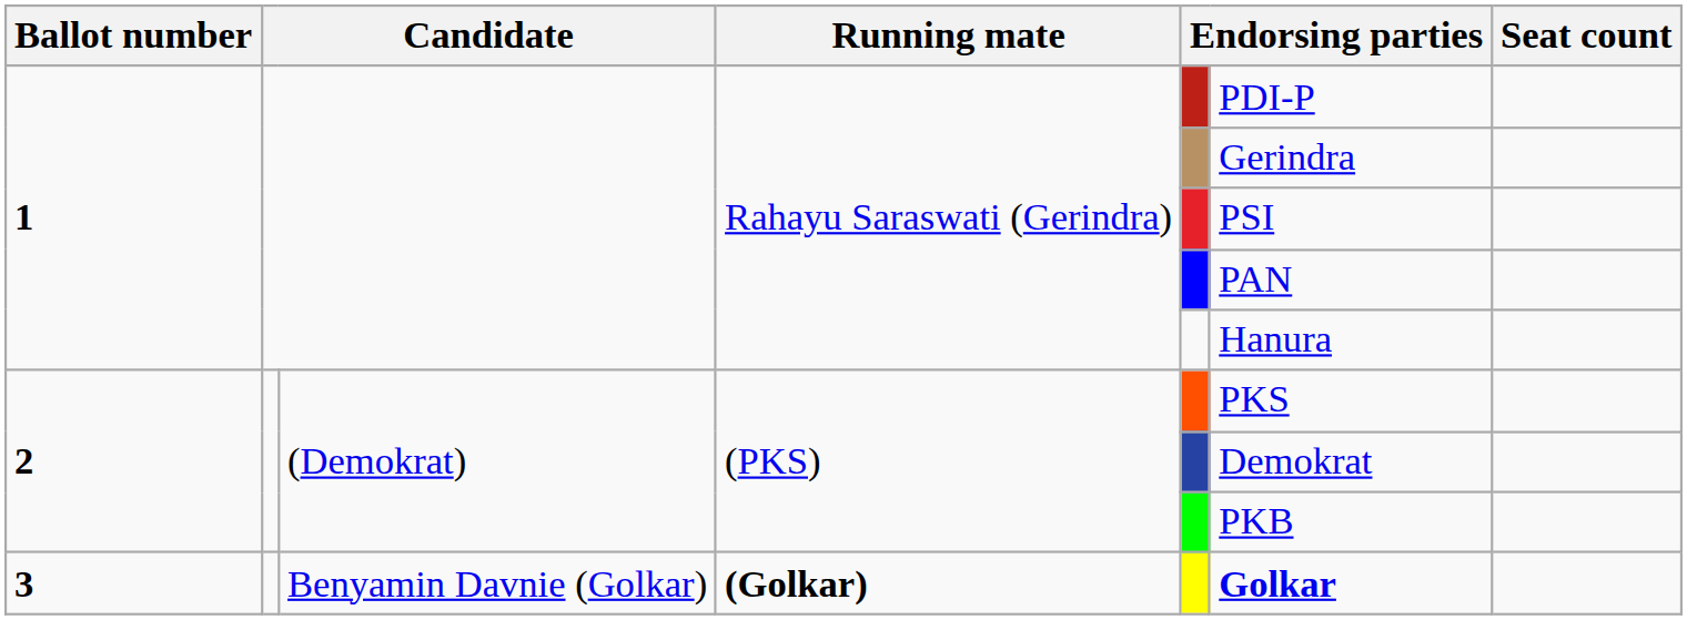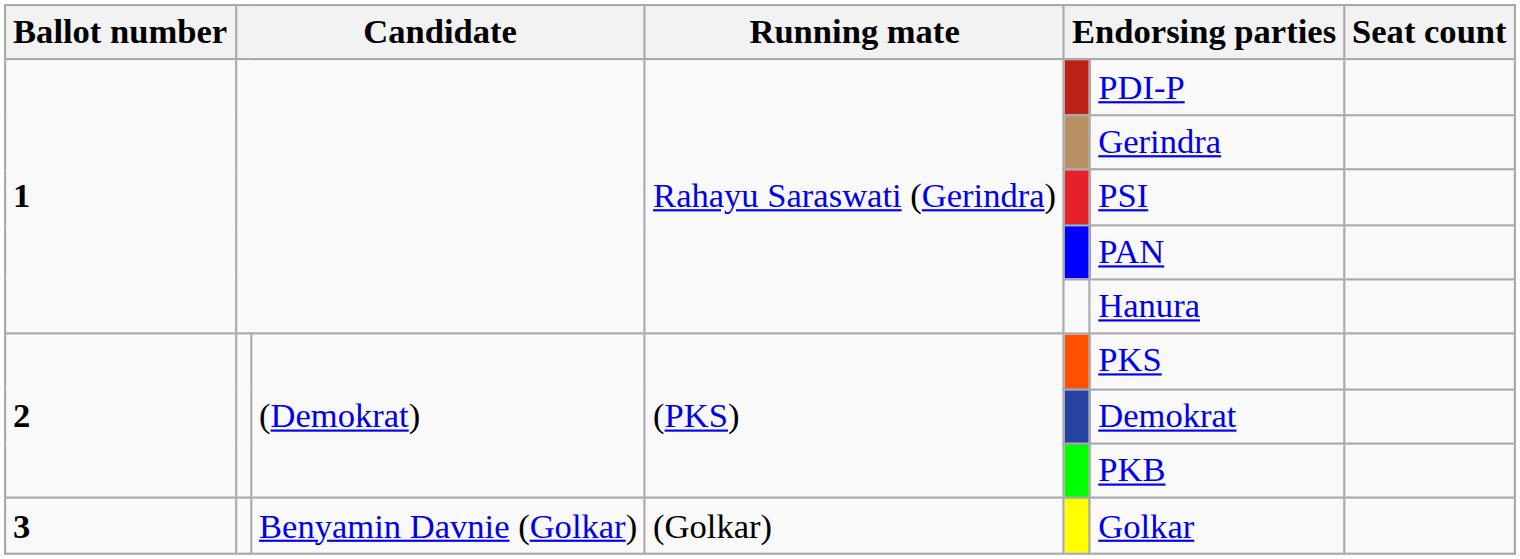 <table class="wikitable">
 <tr>
 <th>Ballot number</th>
 <th colspan="2">Candidate</th>
 <th>Running mate</th>
 <th colspan="2">Endorsing parties</th>
 <th>Seat count</th>
 </tr>
 <tr>
 <td rowspan=5><strong>1</strong></td>
 <td rowspan=5 colspan=2></td>
 <td rowspan=5><a href='#'>Rahayu Saraswati</a> (<a href='#'>Gerindra</a>)</td>
 <td bgcolor=#BD2016></td>
 <td><a href='#'>PDI-P</a></td>
 <td></td>
 </tr>
 <tr>
 <td bgcolor=#B79164></td>
 <td><a href='#'>Gerindra</a></td>
 <td></td>
 </tr>
 <tr>
 <td bgcolor=#E6212A></td>
 <td><a href='#'>PSI</a></td>
 <td></td>
 </tr>
 <tr>
 <td bgcolor=#0000FF></td>
 <td><a href='#'>PAN</a></td>
 <td></td>
 </tr>
 <tr>
 <td bgcolor=></td>
 <td><a href='#'>Hanura</a></td>
 <td></td>
 </tr>
 <tr>
 <td rowspan=3><strong>2</strong></td>
 <td rowspan=3 bgcolor=></td>
 <td rowspan=3> (<a href='#'>Demokrat</a>)</td>
 <td rowspan=3> (<a href='#'>PKS</a>)</td>
 <td bgcolor=#FF4F00></td>
 <td><a href='#'>PKS</a></td>
 <td></td>
 </tr>
 <tr>
 <td bgcolor=#2643A3></td>
 <td><a href='#'>Demokrat</a></td>
 <td></td>
 </tr>
 <tr>
 <td bgcolor=#00FF00></td>
 <td><a href='#'>PKB</a></td>
 <td></td>
 </tr>
 <tr>
 <td><strong>3</strong></td>
 <td bgcolor=></td>
 <td><a href='#'>Benyamin Davnie</a> (<a href='#'>Golkar</a>)</td>
-<td><strong> (Golkar)</strong></td>
+<td> (Golkar)</td>
 <td bgcolor=#FFFF00></td>
-<td><strong><a href='#'>Golkar</a></strong></td>
+<td><a href='#'>Golkar</a></td>
 <td></td>
 </tr>
 </table>
